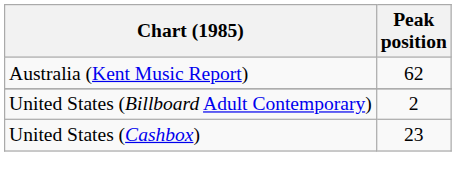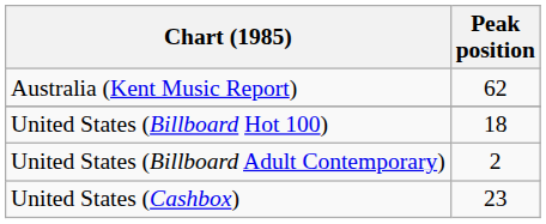 <table class="wikitable">
 <tr>
 <th scope="col">Chart (1985)</th>
 <th>Peak<br>position</th>
 </tr>
 <tr>
 <td>Australia (<a href='#'>Kent Music Report</a>)</td>
 <td style="text-align:center;">62</td>
 </tr>
 <tr>
 </tr>
 <tr>
 </tr>
 <tr>
+<td>United States (<em><a href='#'>Billboard</a></em> <a href='#'>Hot 100</a>)</td>
+<td style="text-align:center;">18</td>
+</tr>
+<tr>
 <td align="left">United States (<em>Billboard</em> <a href='#'>Adult Contemporary</a>)</td>
 <td align="center">2</td>
 </tr>
 <tr>
 <td>United States (<em><a href='#'>Cashbox</a></em>)</td>
 <td style="text-align:center;">23</td>
 </tr>
 </table>
